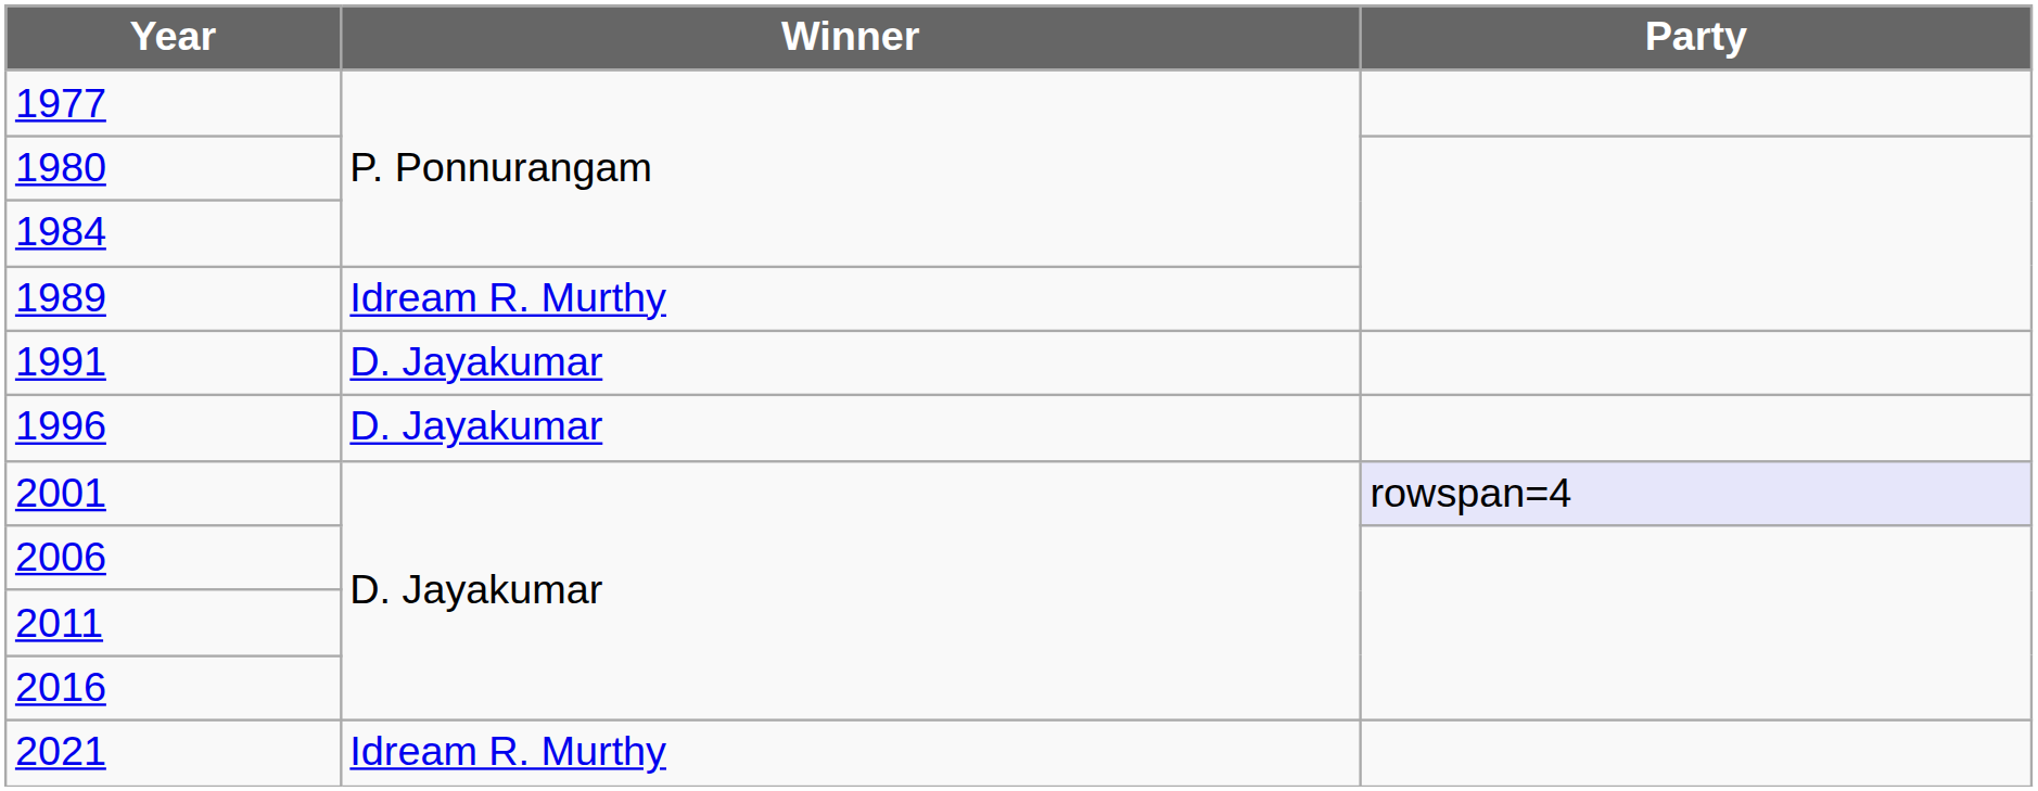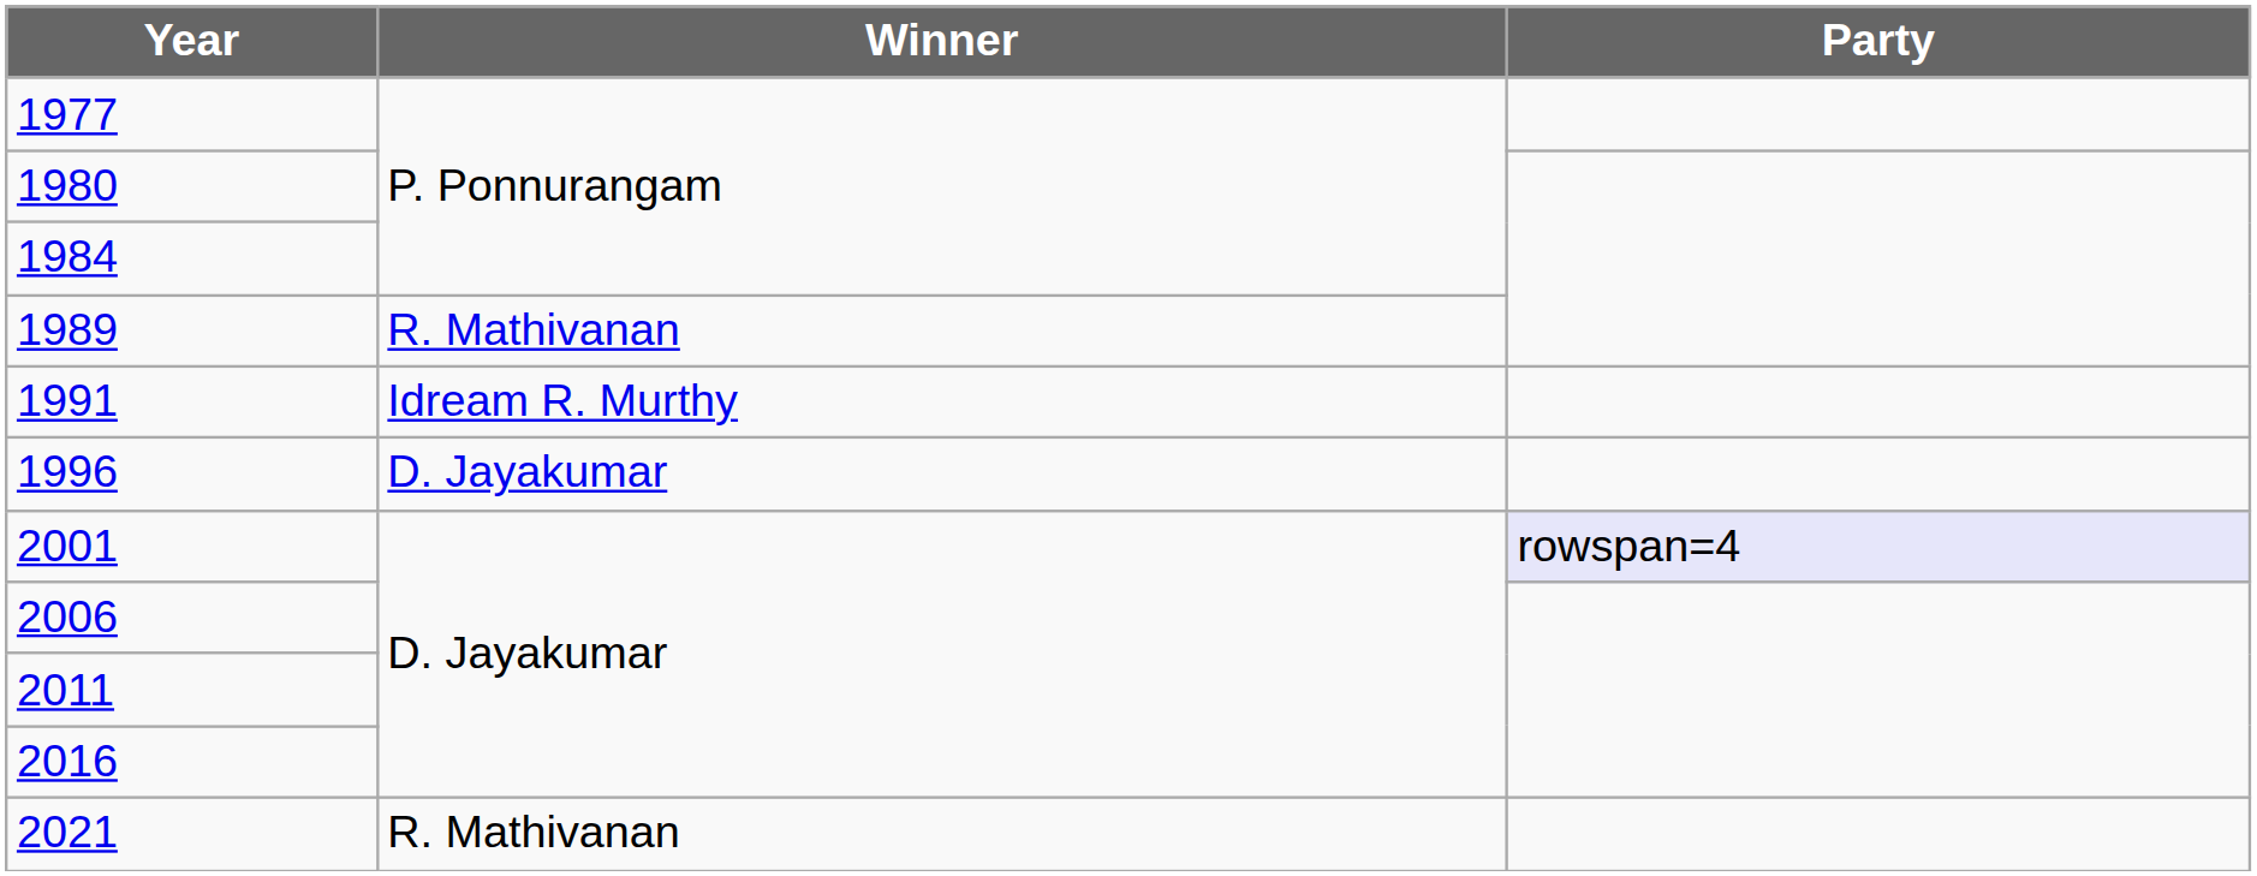 <table class="wikitable" width="50%">
 <tr>
 <th style="background-color:#666666; color:white">Year</th>
 <th style="background-color:#666666; color:white">Winner</th>
 <th style="background-color:#666666; color:white" colspan="2">Party</th>
 </tr>
 <tr>
 <td><a href='#'>1977</a></td>
 <td rowspan=3>P. Ponnurangam</td>
 <td></td>
 </tr>
 <tr>
 <td><a href='#'>1980</a></td>
 </tr>
 <tr>
 <td><a href='#'>1984</a></td>
 </tr>
 <tr>
 <td><a href='#'>1989</a></td>
-<td><a href='#'>Idream R. Murthy</a></td>
+<td><a href='#'>R. Mathivanan</a></td>
 </tr>
 <tr>
 <td><a href='#'>1991</a></td>
-<td><a href='#'>D. Jayakumar</a></td>
+<td><a href='#'>Idream R. Murthy</a></td>
 <td></td>
 </tr>
 <tr>
 <td><a href='#'>1996</a></td>
 <td><a href='#'>D. Jayakumar</a></td>
 <td></td>
 </tr>
 <tr>
 <td><a href='#'>2001</a></td>
 <td rowspan=4>D. Jayakumar</td>
 <td style="background: lavender;">rowspan=4 </td>
 </tr>
 <tr>
 <td><a href='#'>2006</a></td>
 </tr>
 <tr>
 <td><a href='#'>2011</a></td>
 </tr>
 <tr>
 <td><a href='#'>2016</a></td>
 </tr>
 <tr>
 <td><a href='#'>2021</a></td>
-<td><a href='#'>Idream R. Murthy</a></td>
+<td>R. Mathivanan</td>
 <td></td>
 </tr>
 </table>
